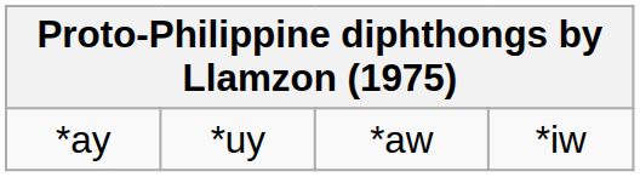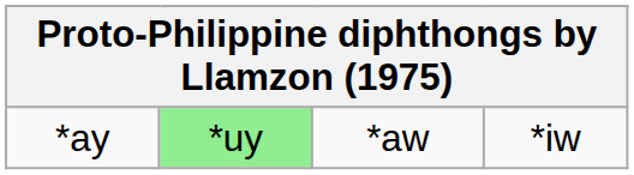 <table class="wikitable" style="text-align:center" align="center" width="30%">
 <tr>
 <th colspan="4">Proto-Philippine diphthongs by Llamzon (1975)</th>
 </tr>
 <tr>
 <td>*ay</td>
-<td>*uy</td>
+<td style="background: lightgreen;">*uy</td>
 <td>*aw</td>
 <td>*iw</td>
 </tr>
 </table>
